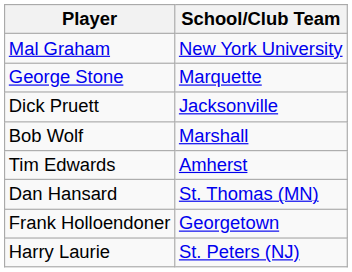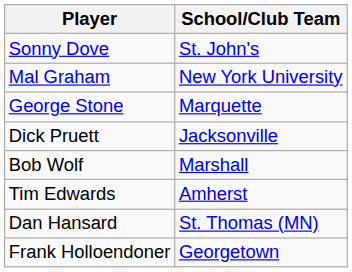 <table class="wikitable sortable sortable">
 <tr>
 <th>Player</th>
 <th>School/Club Team</th>
+</tr>
+<tr>
+<td><a href='#'>Sonny Dove</a></td>
+<td><a href='#'>St. John's</a></td>
 </tr>
 <tr>
 <td><a href='#'>Mal Graham</a></td>
 <td><a href='#'>New York University</a></td>
 </tr>
 <tr>
 <td><a href='#'>George Stone</a></td>
 <td><a href='#'>Marquette</a></td>
 </tr>
 <tr>
 <td>Dick Pruett</td>
 <td><a href='#'>Jacksonville</a></td>
 </tr>
 <tr>
 <td>Bob Wolf</td>
 <td><a href='#'>Marshall</a></td>
 </tr>
 <tr>
 <td>Tim Edwards</td>
 <td><a href='#'>Amherst</a></td>
 </tr>
 <tr>
 <td>Dan Hansard</td>
 <td><a href='#'>St. Thomas (MN)</a></td>
 </tr>
 <tr>
 <td>Frank Holloendoner</td>
 <td><a href='#'>Georgetown</a></td>
 </tr>
-<tr>
-<td>Harry Laurie</td>
-<td><a href='#'>St. Peters (NJ)</a></td>
-</tr>
 </table>
